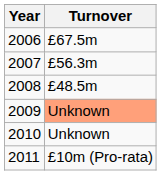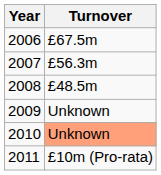 <table class="wikitable">
 <tr>
 <th>Year</th>
 <th>Turnover</th>
 </tr>
 <tr>
 <td>2006</td>
 <td>£67.5m</td>
 </tr>
 <tr>
 <td>2007</td>
 <td>£56.3m</td>
 </tr>
 <tr>
 <td>2008</td>
 <td>£48.5m</td>
 </tr>
 <tr>
 <td>2009</td>
-<td style="background: lightsalmon;">Unknown</td>
+<td>Unknown</td>
 </tr>
 <tr>
 <td>2010</td>
-<td>Unknown</td>
+<td style="background: lightsalmon;">Unknown</td>
 </tr>
 <tr>
 <td>2011</td>
 <td>£10m (Pro-rata)</td>
 </tr>
 </table>
